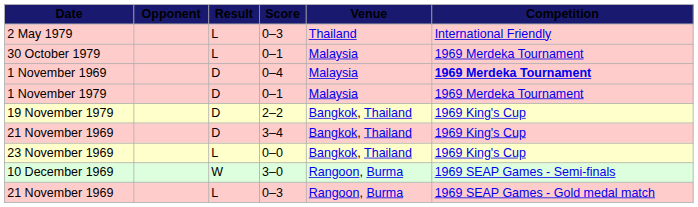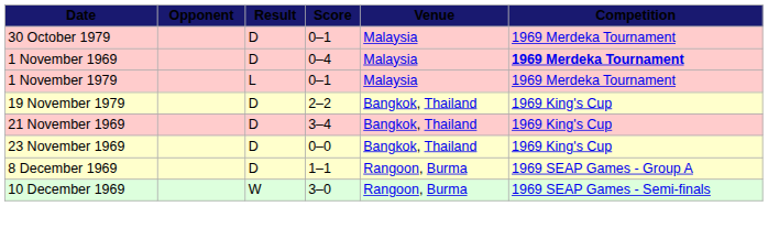 <table style="width:100%;" class="wikitable">
 <tr>
 <th style="background:#191970;"><span>Date</span></th>
 <th style="background:#191970;"><span>Opponent</span></th>
 <th style="background:#191970;"><span>Result</span></th>
 <th style="background:#191970;"><span>Score</span></th>
 <th style="background:#191970;"><span>Venue</span></th>
 <th style="background:#191970;"><span>Competition</span></th>
 </tr>
 <tr style="background:#fcc;">
-<td>2 May 1979</td>
-<td></td>
-<td>L</td>
-<td>0–3</td>
-<td> <a href='#'>Thailand</a></td>
-<td><a href='#'>International Friendly</a></td>
-</tr>
-<tr style="background:#fcc;">
 <td>30 October 1979</td>
 <td></td>
-<td>L</td>
+<td>D</td>
 <td>0–1</td>
 <td> <a href='#'>Malaysia</a></td>
 <td><a href='#'>1969 Merdeka Tournament</a></td>
 </tr>
 <tr style="background:#fcc;">
 <td>1 November 1969</td>
 <td></td>
 <td>D</td>
 <td>0–4</td>
 <td> <a href='#'>Malaysia</a></td>
 <td><strong><a href='#'>1969 Merdeka Tournament</a></strong></td>
 </tr>
 <tr style="background:#fcc;">
 <td>1 November 1979</td>
 <td></td>
-<td>D</td>
+<td>L</td>
 <td>0–1</td>
 <td> <a href='#'>Malaysia</a></td>
 <td><a href='#'>1969 Merdeka Tournament</a></td>
 </tr>
 <tr style="background:#ffc;">
 <td>19 November 1979</td>
 <td></td>
 <td>D</td>
 <td>2–2</td>
 <td> <a href='#'>Bangkok</a>, <a href='#'>Thailand</a></td>
 <td><a href='#'>1969 King's Cup</a></td>
 </tr>
 <tr style="background:#fcc;">
 <td>21 November 1969</td>
 <td></td>
 <td>D</td>
 <td>3–4</td>
 <td> <a href='#'>Bangkok</a>, <a href='#'>Thailand</a></td>
 <td><a href='#'>1969 King's Cup</a></td>
 </tr>
 <tr style="background:#ffc;">
 <td>23 November 1969</td>
 <td></td>
-<td>L</td>
+<td>D</td>
 <td>0–0</td>
 <td> <a href='#'>Bangkok</a>, <a href='#'>Thailand</a></td>
 <td><a href='#'>1969 King's Cup</a></td>
+</tr>
+<tr style="background:#ffc;">
+<td>8 December 1969</td>
+<td></td>
+<td>D</td>
+<td>1–1</td>
+<td> <a href='#'>Rangoon</a>, <a href='#'>Burma</a></td>
+<td><a href='#'>1969 SEAP Games - Group A</a></td>
 </tr>
 <tr style="background:#dfd;">
 <td>10 December 1969</td>
 <td></td>
 <td>W</td>
 <td>3–0</td>
 <td> <a href='#'>Rangoon</a>, <a href='#'>Burma</a></td>
 <td><a href='#'>1969 SEAP Games - Semi-finals</a></td>
 </tr>
-<tr style="background:#fcc;">
-<td>21 November 1969</td>
-<td></td>
-<td>L</td>
-<td>0–3</td>
-<td> <a href='#'>Rangoon</a>, <a href='#'>Burma</a></td>
-<td><a href='#'>1969 SEAP Games - Gold medal match</a></td>
-</tr>
 </table>
